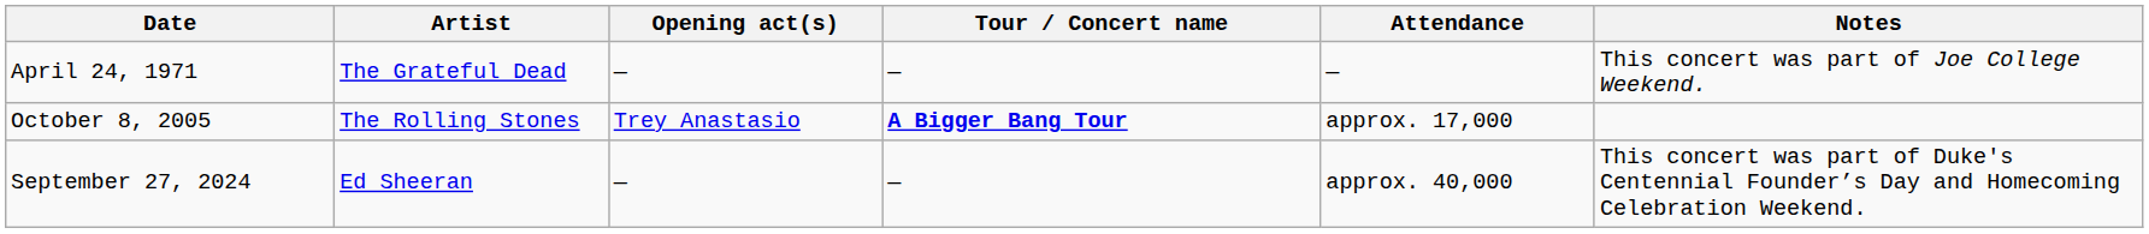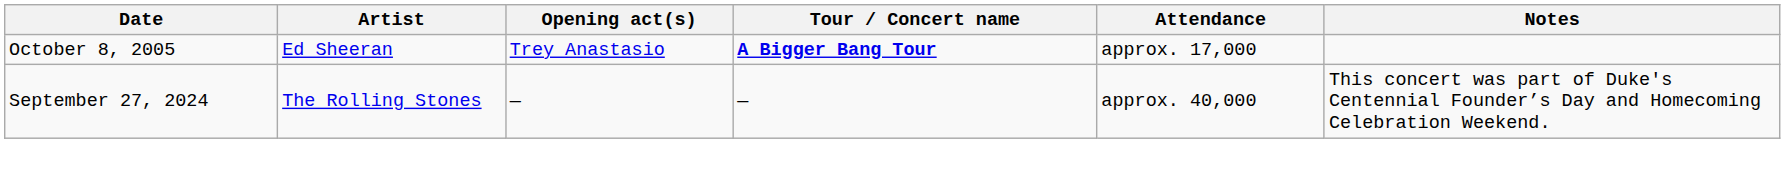 <table class="wikitable" style=font-size:100% style="text-align:center">
 <tr>
 <th width=12% style="text-align:center;">Date</th>
 <th width=10% style="text-align:center;">Artist</th>
 <th width=10% style="text-align:center;">Opening act(s)</th>
 <th width=16% style="text-align:center;">Tour / Concert name</th>
 <th width=10% style="text-align:center;">Attendance</th>
 <th width=20% style="text-align:center;">Notes</th>
 </tr>
 <tr>
-<td>April 24, 1971</td>
-<td><a href='#'>The Grateful Dead</a></td>
-<td>—</td>
-<td>—</td>
-<td>—</td>
-<td>This concert was part of <em>Joe College Weekend.</em></td>
-</tr>
-<tr>
 <td>October 8, 2005</td>
-<td><a href='#'>The Rolling Stones</a></td>
+<td><a href='#'>Ed Sheeran</a></td>
 <td><a href='#'>Trey Anastasio</a></td>
 <td><strong><a href='#'>A Bigger Bang Tour</a></strong></td>
 <td>approx. 17,000</td>
 <td></td>
 </tr>
 <tr>
 <td>September 27, 2024</td>
-<td><a href='#'>Ed Sheeran</a></td>
+<td><a href='#'>The Rolling Stones</a></td>
 <td>—</td>
 <td>—</td>
 <td>approx. 40,000</td>
 <td>This concert was part of Duke's Centennial Founder’s Day and Homecoming Celebration Weekend.</td>
 </tr>
 </table>
